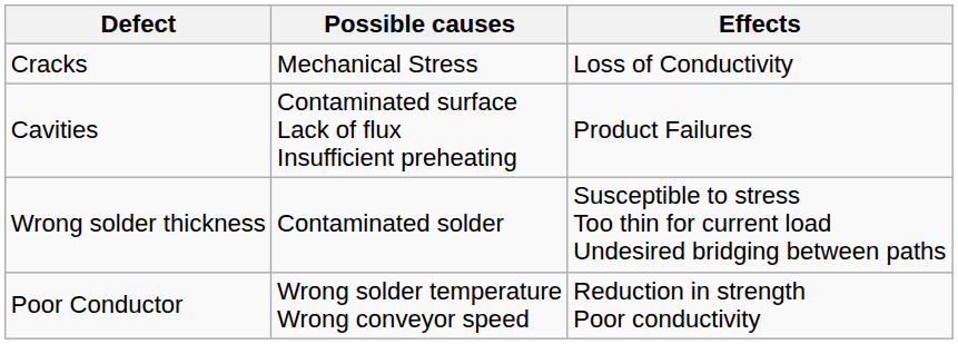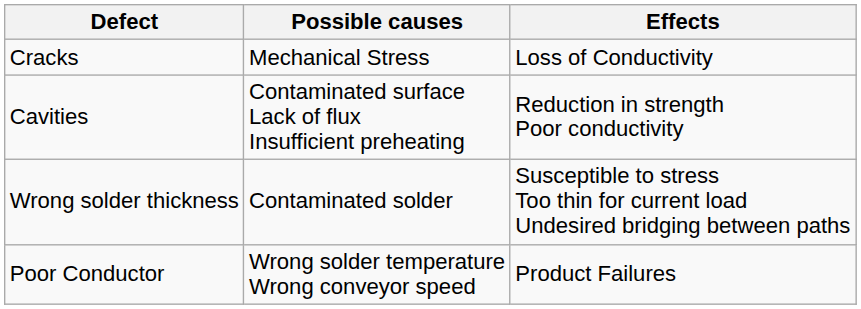 <table class="wikitable" border="1">
 <tr>
 <th>Defect</th>
 <th>Possible causes</th>
 <th>Effects</th>
 </tr>
 <tr>
 <td>Cracks</td>
 <td>Mechanical Stress</td>
 <td>Loss of Conductivity</td>
 </tr>
 <tr>
 <td>Cavities</td>
 <td>Contaminated surface<br>Lack of flux<br> Insufficient preheating</td>
-<td>Product Failures</td>
+<td>Reduction in strength<br>Poor conductivity</td>
 </tr>
 <tr>
 <td>Wrong solder thickness</td>
 <td>Contaminated solder</td>
 <td>Susceptible to stress<br>Too thin for current load<br> Undesired bridging between paths</td>
 </tr>
 <tr>
 <td>Poor Conductor</td>
 <td>Wrong solder temperature<br>Wrong conveyor speed</td>
-<td>Reduction in strength<br>Poor conductivity</td>
+<td>Product Failures</td>
 </tr>
 </table>
